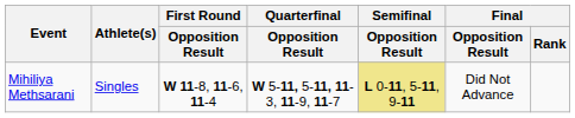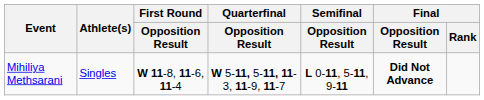 <table class="wikitable" border="1" style="font-size:90%">
 <tr>
 <th rowspan=2>Event</th>
 <th rowspan=2>Athlete(s)</th>
 <th>First Round</th>
 <th>Quarterfinal</th>
 <th>Semifinal</th>
 <th colspan=2>Final</th>
 </tr>
 <tr>
 <th>Opposition<br>Result</th>
 <th>Opposition<br>Result</th>
 <th>Opposition<br>Result</th>
 <th>Opposition<br>Result</th>
 <th>Rank</th>
 </tr>
 <tr>
 <td><a href='#'>Mihiliya Methsarani</a></td>
 <td><a href='#'>Singles</a></td>
 <td align=center><br><strong>W</strong> <strong>11</strong>-8, <strong>11</strong>-6, <strong>11</strong>-4</td>
 <td align=center><br><strong>W</strong> 5-<strong>11,</strong> 5-<strong>11,</strong> <strong>11</strong>-3, <strong>11</strong>-9, <strong>11</strong>-7</td>
-<td align=center style="background: khaki;"><br><strong>L</strong> 0-<strong>11</strong>, 5-<strong>11</strong>, 9-<strong>11</strong></td>
-<td align=center>Did Not Advance</td>
+<td align=center><br><strong>L</strong> 0-<strong>11</strong>, 5-<strong>11</strong>, 9-<strong>11</strong></td>
+<td align=center><strong>Did Not Advance</strong></td>
 <td align=center></td>
 </tr>
 </table>
